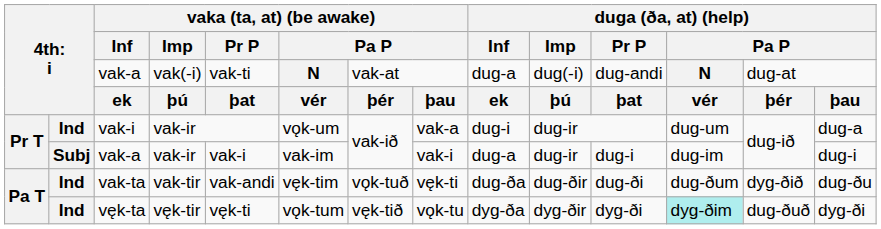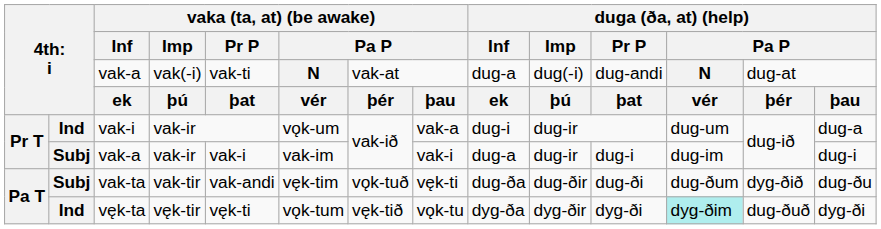 <table class="wikitable" border="1">
 <tr>
 <th rowspan="4" colspan="2">4th: <br> i</th>
 <th colspan="6">vaka (ta, at) (be awake)</th>
 <th colspan="6">duga (ða, at) (help)</th>
 </tr>
 <tr>
 <th>Inf</th>
 <th>Imp</th>
 <th>Pr P</th>
 <th colspan="3">Pa P</th>
 <th>Inf</th>
 <th>Imp</th>
 <th>Pr P</th>
 <th colspan="3">Pa P</th>
 </tr>
 <tr>
 <td>vak-a</td>
 <td>vak(-i)</td>
 <td>vak-ti</td>
 <th>N</th>
 <td colspan="2">vak-at</td>
 <td>dug-a</td>
 <td>dug(-i)</td>
 <td>dug-andi</td>
 <th>N</th>
 <td colspan="2">dug-at</td>
 </tr>
 <tr>
 <th>ek</th>
 <th>þú</th>
 <th>þat</th>
 <th>vér</th>
 <th>þér</th>
 <th>þau</th>
 <th>ek</th>
 <th>þú</th>
 <th>þat</th>
 <th>vér</th>
 <th>þér</th>
 <th>þau</th>
 </tr>
 <tr>
 <th rowspan="2">Pr T</th>
 <th>Ind</th>
 <td>vak⁠-i</td>
 <td colspan="2">vak⁠-ir</td>
 <td>vǫk⁠-um</td>
 <td rowspan="2">vak⁠-ið</td>
 <td>vak⁠-a</td>
 <td>dug⁠-i</td>
 <td colspan="2">dug⁠-ir</td>
 <td>dug⁠-um</td>
 <td rowspan="2">dug⁠-ið</td>
 <td>dug⁠-a</td>
 </tr>
 <tr>
 <th>Subj</th>
 <td>vak⁠-a</td>
 <td>vak⁠-ir</td>
 <td>vak⁠-i</td>
 <td>vak⁠-im</td>
 <td>vak⁠-i</td>
 <td>dug⁠-a</td>
 <td>dug⁠-ir</td>
 <td>dug⁠-i</td>
 <td>dug⁠-im</td>
 <td>dug⁠-i</td>
 </tr>
 <tr>
 <th rowspan="2">Pa T</th>
-<th>Ind</th>
+<th>Subj</th>
 <td>vak-ta</td>
 <td>vak-tir</td>
 <td>vak-andi</td>
 <td>vęk-tim</td>
 <td>vǫk-tuð</td>
 <td>vęk-ti</td>
 <td>dug-ða</td>
 <td>dug-ðir</td>
 <td>dug-ði</td>
 <td>dug-ðum</td>
 <td>dyg-ðið</td>
 <td>dug-ðu</td>
 </tr>
 <tr>
 <th>Ind</th>
 <td>vęk-ta</td>
 <td>vęk-tir</td>
 <td>vęk-ti</td>
 <td>vǫk-tum</td>
 <td>vęk-tið</td>
 <td>vǫk-tu</td>
 <td>dyg-ða</td>
 <td>dyg-ðir</td>
 <td>dyg-ði</td>
 <td style="background: paleturquoise;">dyg-ðim</td>
 <td>dug-ðuð</td>
 <td>dyg-ði</td>
 </tr>
 </table>
